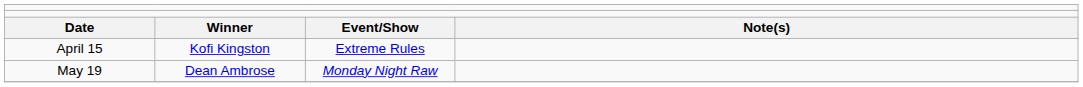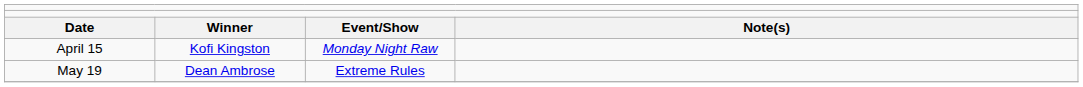 <table class="wikitable" style="text-align:center; width:100%;">
 <tr>
 <td colspan="5"></td>
 </tr>
 <tr>
 <td colspan="5"><strong></strong></td>
 </tr>
 <tr>
 <th width=14%>Date</th>
 <th width=14%>Winner</th>
 <th width=14%>Event/Show</th>
 <th width=58%>Note(s)</th>
 </tr>
 <tr>
 <td>April 15</td>
 <td><a href='#'>Kofi Kingston</a></td>
-<td><a href='#'>Extreme Rules</a></td>
+<td><em><a href='#'>Monday Night Raw</a></em></td>
 <td></td>
 </tr>
 <tr>
 <td>May 19</td>
 <td><a href='#'>Dean Ambrose</a></td>
-<td><em><a href='#'>Monday Night Raw</a></em></td>
+<td><a href='#'>Extreme Rules</a></td>
 <td></td>
 </tr>
 <tr>
 </tr>
 </table>
